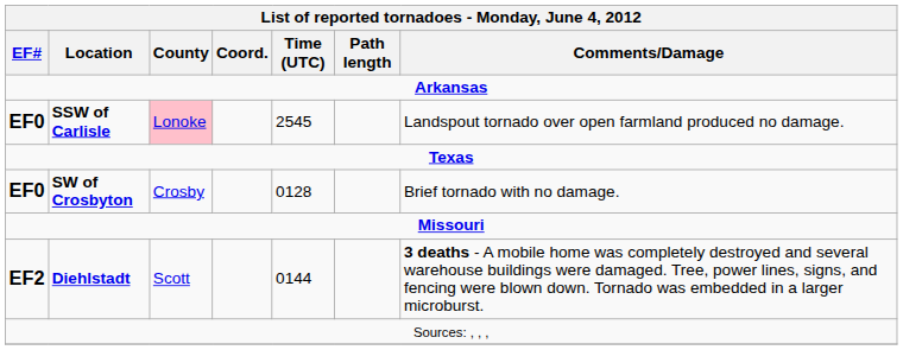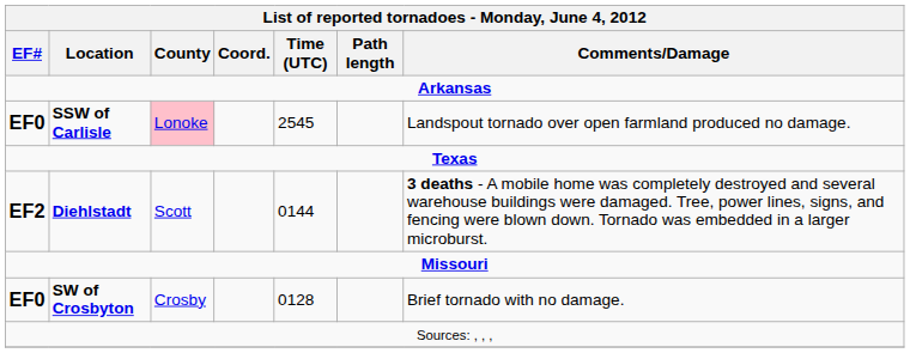 <table class="wikitable collapsible" width="100%">
 <tr>
 <th colspan="7">List of reported tornadoes - Monday, June 4, 2012</th>
 </tr>
 <tr>
 <th><a href='#'>EF#</a></th>
 <th>Location</th>
 <th>County</th>
 <th>Coord.</th>
 <th>Time (UTC)</th>
 <th>Path length</th>
 <th>Comments/Damage</th>
 </tr>
 <tr>
 <td colspan="7" align=center><strong><a href='#'>Arkansas</a></strong></td>
 </tr>
 <tr>
 <td><big><strong>EF0</strong></big></td>
 <td><strong>SSW of <a href='#'>Carlisle</a></strong></td>
 <td style="background: pink;"><a href='#'>Lonoke</a></td>
 <td></td>
 <td>2545</td>
 <td></td>
 <td>Landspout tornado over open farmland produced no damage.</td>
 </tr>
 <tr>
 <td colspan="7" align=center><strong><a href='#'>Texas</a></strong></td>
 </tr>
 <tr>
+<td><big><strong>EF2</strong></big></td>
+<td><strong><a href='#'>Diehlstadt</a></strong></td>
+<td><a href='#'>Scott</a></td>
+<td></td>
+<td>0144</td>
+<td></td>
+<td><strong>3 deaths</strong> - A mobile home was completely destroyed and several warehouse buildings were damaged. Tree, power lines, signs, and fencing were blown down. Tornado was embedded in a larger microburst.</td>
+</tr>
+<tr>
+<td colspan="7" align=center><strong><a href='#'>Missouri</a></strong></td>
+</tr>
+<tr>
 <td><big><strong>EF0</strong></big></td>
 <td><strong>SW of <a href='#'>Crosbyton</a></strong></td>
 <td><a href='#'>Crosby</a></td>
 <td></td>
 <td>0128</td>
 <td></td>
 <td>Brief tornado with no damage.</td>
 </tr>
 <tr>
-<td colspan="7" align=center><strong><a href='#'>Missouri</a></strong></td>
-</tr>
-<tr>
-<td><big><strong>EF2</strong></big></td>
-<td><strong><a href='#'>Diehlstadt</a></strong></td>
-<td><a href='#'>Scott</a></td>
-<td></td>
-<td>0144</td>
-<td></td>
-<td><strong>3 deaths</strong> - A mobile home was completely destroyed and several warehouse buildings were damaged. Tree, power lines, signs, and fencing were blown down. Tornado was embedded in a larger microburst.</td>
-</tr>
-<tr>
 <td colspan="7" align=center><small>Sources: , , , </small></td>
 </tr>
 <tr>
 </tr>
 </table>
